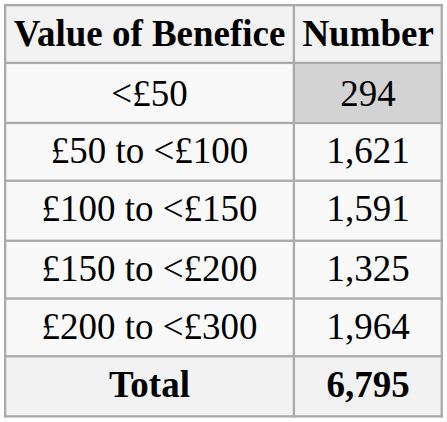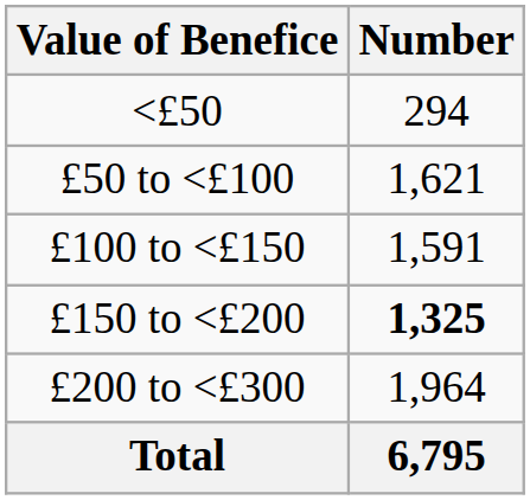 <table class="wikitable" style="text-align: center;">
 <tr>
 <th>Value of Benefice</th>
 <th>Number</th>
 </tr>
 <tr>
 <td><£50</td>
-<td style="background: lightgrey;">294</td>
+<td>294</td>
 </tr>
 <tr>
 <td>£50 to  <£100</td>
 <td>1,621</td>
 </tr>
 <tr>
 <td>£100 to  <£150</td>
 <td>1,591</td>
 </tr>
 <tr>
 <td>£150 to  <£200</td>
-<td>1,325</td>
+<td><strong>1,325</strong></td>
 </tr>
 <tr>
 <td>£200 to  <£300</td>
 <td>1,964</td>
 </tr>
 <tr>
 <th>Total</th>
 <th>6,795</th>
 </tr>
 </table>
